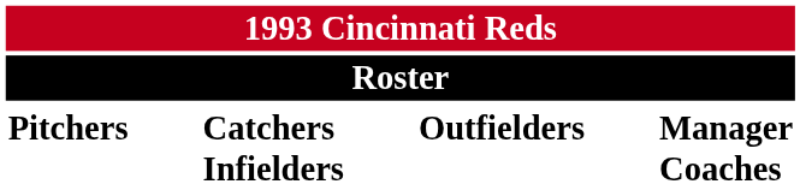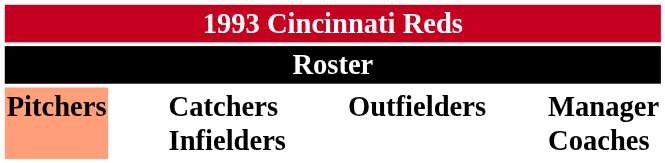 <table class="toccolours" style="font-size: 95%;">
 <tr>
 <th colspan="10" style="background-color: #c6011f; color: white; text-align: center;">1993 Cincinnati Reds</th>
 </tr>
 <tr>
 <td colspan="10" style="background-color: black; color: white; text-align: center;"><strong>Roster</strong></td>
 </tr>
 <tr>
-<td valign="top"><strong>Pitchers</strong><br>                        </td>
+<td valign="top" style="background: lightsalmon;"><strong>Pitchers</strong><br>                        </td>
 <td width="25px"></td>
 <td valign="top"><strong>Catchers</strong><br>   <strong>Infielders</strong>          </td>
 <td width="25px"></td>
 <td valign="top"><strong>Outfielders</strong><br>             </td>
 <td width="25px"></td>
 <td valign="top"><strong>Manager</strong><br>  <strong>Coaches</strong>        </td>
 </tr>
 </table>
